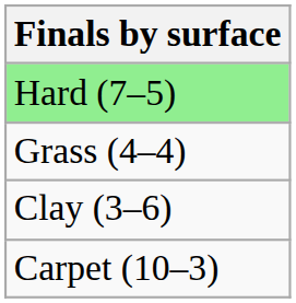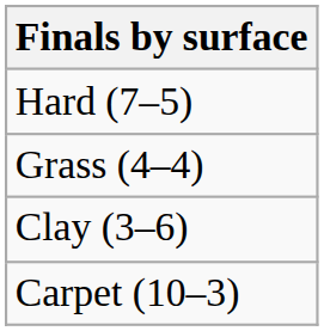 <table class="wikitable sortable mw-collapsible mw-collapsed">
 <tr>
 <th>Finals by surface</th>
 </tr>
 <tr>
-<td style="background: lightgreen;">Hard (7–5)</td>
+<td>Hard (7–5)</td>
 </tr>
 <tr>
 <td>Grass (4–4)</td>
 </tr>
 <tr>
 <td>Clay (3–6)</td>
 </tr>
 <tr>
 <td>Carpet (10–3)</td>
 </tr>
 </table>
